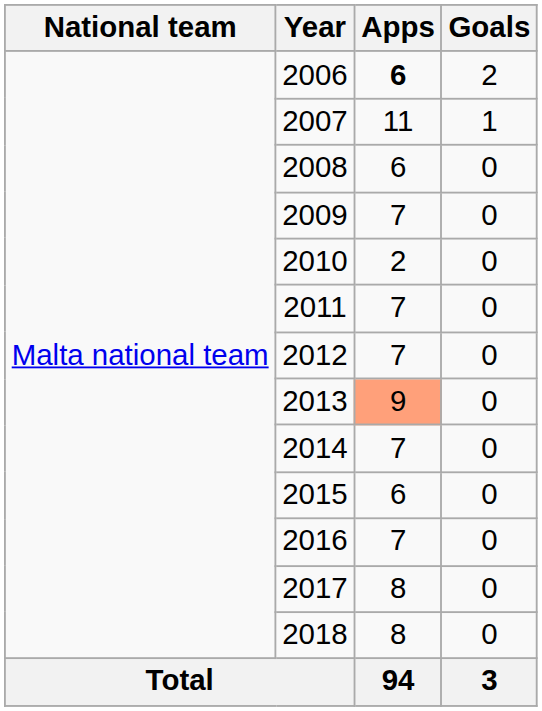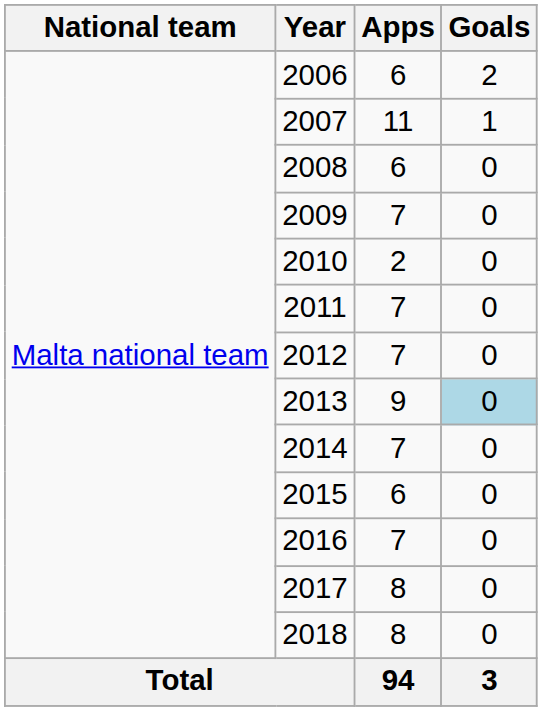 <table class="wikitable" style="text-align:center">
 <tr>
 <th>National team</th>
 <th>Year</th>
 <th>Apps</th>
 <th>Goals</th>
 </tr>
 <tr>
 <td rowspan="13"><a href='#'>Malta national team</a></td>
 <td>2006</td>
-<td><strong>6</strong></td>
+<td>6</td>
 <td>2</td>
 </tr>
 <tr>
 <td>2007</td>
 <td>11</td>
 <td>1</td>
 </tr>
 <tr>
 <td>2008</td>
 <td>6</td>
 <td>0</td>
 </tr>
 <tr>
 <td>2009</td>
 <td>7</td>
 <td>0</td>
 </tr>
 <tr>
 <td>2010</td>
 <td>2</td>
 <td>0</td>
 </tr>
 <tr>
 <td>2011</td>
 <td>7</td>
 <td>0</td>
 </tr>
 <tr>
 <td>2012</td>
 <td>7</td>
 <td>0</td>
 </tr>
 <tr>
 <td>2013</td>
-<td style="background: lightsalmon;">9</td>
-<td>0</td>
+<td>9</td>
+<td style="background: lightblue;">0</td>
 </tr>
 <tr>
 <td>2014</td>
 <td>7</td>
 <td>0</td>
 </tr>
 <tr>
 <td>2015</td>
 <td>6</td>
 <td>0</td>
 </tr>
 <tr>
 <td>2016</td>
 <td>7</td>
 <td>0</td>
 </tr>
 <tr>
 <td>2017</td>
 <td>8</td>
 <td>0</td>
 </tr>
 <tr>
 <td>2018</td>
 <td>8</td>
 <td>0</td>
 </tr>
 <tr>
 <th colspan="2">Total</th>
 <th>94</th>
 <th>3</th>
 </tr>
 </table>
